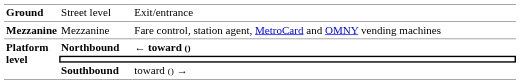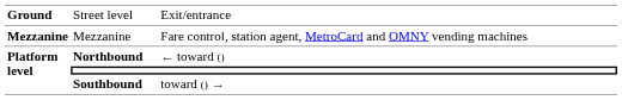 <table table border=0 cellspacing=0 cellpadding=3>
 <tr>
 <td style="border-bottom:solid 1px gray;border-top:solid 1px gray;" width=50><strong>Ground</strong></td>
 <td style="border-top:solid 1px gray;border-bottom:solid 1px gray;" width=100>Street level</td>
 <td style="border-top:solid 1px gray;border-bottom:solid 1px gray;" width=550>Exit/entrance</td>
 </tr>
 <tr>
 <td><strong>Mezzanine</strong></td>
 <td>Mezzanine</td>
 <td>Fare control, station agent, <a href='#'>MetroCard</a> and <a href='#'>OMNY</a> vending machines</td>
 </tr>
 <tr>
 <td style="border-top:solid 1px gray;border-bottom:solid 1px gray;" rowspan=3 valign=top><strong>Platform level</strong></td>
 <td style="border-top:solid 1px gray;"><span><strong>Northbound</strong></span></td>
-<td style="border-top:solid 1px gray;"><strong>←  toward  <small>()</small></strong></td>
+<td style="border-top:solid 1px gray;">←  toward  <small>()</small></td>
 </tr>
 <tr>
 <td style="border-top:solid 2px black;border-right:solid 2px black;border-left:solid 2px black;border-bottom:solid 2px black;text-align:center;" colspan=2></td>
 </tr>
 <tr>
 <td style="border-bottom:solid 1px gray;"><span><strong>Southbound</strong></span></td>
 <td style="border-bottom:solid 1px gray;">  toward  <small>()</small> →</td>
 </tr>
 </table>
